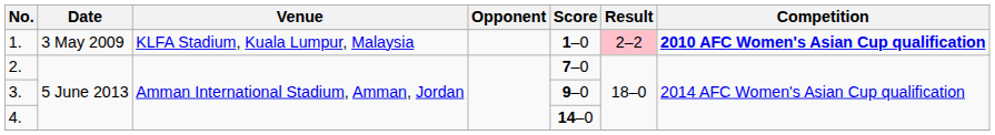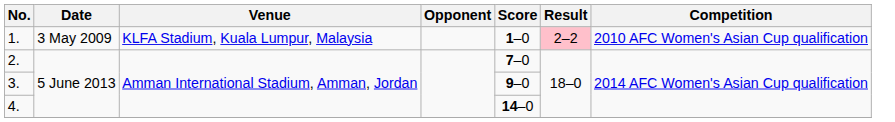 <table class="wikitable">
 <tr>
 <th>No.</th>
 <th>Date</th>
 <th>Venue</th>
 <th>Opponent</th>
 <th>Score</th>
 <th>Result</th>
 <th>Competition</th>
 </tr>
 <tr>
 <td>1.</td>
 <td>3 May 2009</td>
 <td><a href='#'>KLFA Stadium</a>, <a href='#'>Kuala Lumpur</a>, <a href='#'>Malaysia</a></td>
 <td></td>
 <td align=center><strong>1</strong>–0</td>
 <td align=center style="background: pink;">2–2</td>
-<td><strong><a href='#'>2010 AFC Women's Asian Cup qualification</a></strong></td>
+<td><a href='#'>2010 AFC Women's Asian Cup qualification</a></td>
 </tr>
 <tr>
 <td>2.</td>
 <td rowspan=3>5 June 2013</td>
 <td rowspan=3><a href='#'>Amman International Stadium</a>, <a href='#'>Amman</a>, <a href='#'>Jordan</a></td>
 <td rowspan=3></td>
 <td align=center><strong>7</strong>–0</td>
 <td rowspan=3 align=center>18–0</td>
 <td rowspan=3><a href='#'>2014 AFC Women's Asian Cup qualification</a></td>
 </tr>
 <tr>
 <td>3.</td>
 <td align=center><strong>9</strong>–0</td>
 </tr>
 <tr>
 <td>4.</td>
 <td align=center><strong>14</strong>–0</td>
 </tr>
 <tr>
 </tr>
 </table>
